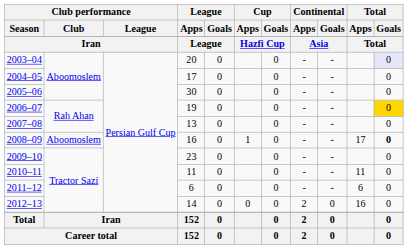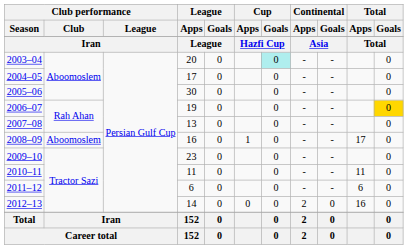 <table class="wikitable" style="text-align:center">
 <tr>
 <th colspan=3>Club performance</th>
 <th colspan=2>League</th>
 <th colspan=2>Cup</th>
 <th colspan=2>Continental</th>
 <th colspan=2>Total</th>
 </tr>
 <tr>
 <th>Season</th>
 <th>Club</th>
 <th>League</th>
 <th>Apps</th>
 <th>Goals</th>
 <th>Apps</th>
 <th>Goals</th>
 <th>Apps</th>
 <th>Goals</th>
 <th>Apps</th>
 <th>Goals</th>
 </tr>
 <tr>
 </tr>
 <tr>
 <th colspan=3>Iran</th>
 <th colspan=2>League</th>
 <th colspan=2><a href='#'>Hazfi Cup</a></th>
 <th colspan=2><a href='#'>Asia</a></th>
 <th colspan=2>Total</th>
 </tr>
 <tr>
 <td><a href='#'>2003–04</a></td>
 <td rowspan="3"><a href='#'>Aboomoslem</a></td>
 <td rowspan="10"><a href='#'>Persian Gulf Cup</a></td>
 <td>20</td>
 <td>0</td>
 <td></td>
-<td>0</td>
+<td style="background: paleturquoise;">0</td>
 <td>-</td>
 <td>-</td>
 <td></td>
-<td style="background: lavender;">0</td>
+<td>0</td>
 </tr>
 <tr>
 <td><a href='#'>2004–05</a></td>
 <td>17</td>
 <td>0</td>
 <td></td>
 <td>0</td>
 <td>-</td>
 <td>-</td>
 <td></td>
 <td>0</td>
 </tr>
 <tr>
 <td><a href='#'>2005–06</a></td>
 <td>30</td>
 <td>0</td>
 <td></td>
 <td>0</td>
 <td>-</td>
 <td>-</td>
 <td></td>
 <td>0</td>
 </tr>
 <tr>
 <td><a href='#'>2006–07</a></td>
 <td rowspan="2"><a href='#'>Rah Ahan</a></td>
 <td>19</td>
 <td>0</td>
 <td></td>
 <td>0</td>
 <td>-</td>
 <td>-</td>
 <td></td>
 <td style="background: gold;">0</td>
 </tr>
 <tr>
 <td><a href='#'>2007–08</a></td>
 <td>13</td>
 <td>0</td>
 <td></td>
 <td>0</td>
 <td>-</td>
 <td>-</td>
 <td></td>
 <td>0</td>
 </tr>
 <tr>
 <td><a href='#'>2008–09</a></td>
 <td rowspan="1"><a href='#'>Aboomoslem</a></td>
 <td>16</td>
 <td>0</td>
 <td>1</td>
 <td>0</td>
 <td>-</td>
 <td>-</td>
 <td>17</td>
-<td><strong>0</strong></td>
+<td>0</td>
 </tr>
 <tr>
 <td><a href='#'>2009–10</a></td>
 <td rowspan="4"><a href='#'>Tractor Sazi</a></td>
 <td>23</td>
 <td>0</td>
 <td></td>
 <td>0</td>
 <td>-</td>
 <td>-</td>
 <td></td>
 <td>0</td>
 </tr>
 <tr>
 <td><a href='#'>2010–11</a></td>
 <td>11</td>
 <td>0</td>
 <td></td>
 <td>0</td>
 <td>-</td>
 <td>-</td>
 <td>11</td>
 <td>0</td>
 </tr>
 <tr>
 <td><a href='#'>2011–12</a></td>
 <td>6</td>
 <td>0</td>
 <td></td>
 <td>0</td>
 <td>-</td>
 <td>-</td>
 <td>6</td>
 <td>0</td>
 </tr>
 <tr>
 <td><a href='#'>2012–13</a></td>
 <td>14</td>
 <td>0</td>
 <td>0</td>
 <td>0</td>
 <td>2</td>
 <td>0</td>
 <td>16</td>
 <td>0</td>
 </tr>
 <tr>
 </tr>
 <tr>
 <th rowspan=1>Total</th>
 <th colspan=2>Iran</th>
 <th>152</th>
 <th>0</th>
 <th></th>
 <th>0</th>
 <th>2</th>
 <th>0</th>
 <th></th>
 <th>0</th>
 </tr>
 <tr>
 <th colspan=3>Career total</th>
 <th>152</th>
 <th>0</th>
 <th></th>
 <th>0</th>
 <th>2</th>
 <th>0</th>
 <th></th>
 <th>0</th>
 </tr>
 </table>
